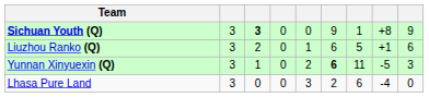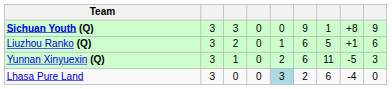 <table class="wikitable" style="text-align:center;">
 <tr>
 <th width=310>Team</th>
 <th width=30></th>
 <th width=30></th>
 <th width=30></th>
 <th width=30></th>
 <th width=30></th>
 <th width=30></th>
 <th width=30></th>
 <th width=30></th>
 </tr>
 <tr bgcolor="#ccffcc">
 <td align="left"><strong><a href='#'>Sichuan Youth</a> (Q)</strong></td>
 <td>3</td>
-<td><strong>3</strong></td>
+<td>3</td>
 <td>0</td>
 <td>0</td>
 <td>9</td>
 <td>1</td>
 <td>+8</td>
 <td>9</td>
 </tr>
 <tr bgcolor="#ccffcc">
 <td align="left"><a href='#'>Liuzhou Ranko</a> <strong>(Q)</strong></td>
 <td>3</td>
 <td>2</td>
 <td>0</td>
 <td>1</td>
 <td>6</td>
 <td>5</td>
 <td>+1</td>
 <td>6</td>
 </tr>
 <tr bgcolor="#ccffcc">
 <td align="left"><a href='#'>Yunnan Xinyuexin</a> <strong>(Q)</strong></td>
 <td>3</td>
 <td>1</td>
 <td>0</td>
 <td>2</td>
-<td><strong>6</strong></td>
+<td>6</td>
 <td>11</td>
 <td>-5</td>
 <td>3</td>
 </tr>
 <tr>
 <td align="left"><a href='#'>Lhasa Pure Land</a></td>
 <td>3</td>
 <td>0</td>
 <td>0</td>
-<td>3</td>
+<td style="background: lightblue;">3</td>
 <td>2</td>
 <td>6</td>
 <td>-4</td>
 <td>0</td>
 </tr>
 </table>
